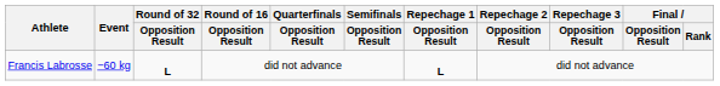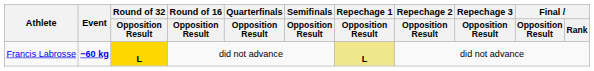 <table class="wikitable" style="font-size:90%">
 <tr>
 <th rowspan="2">Athlete</th>
 <th rowspan="2">Event</th>
 <th>Round of 32</th>
 <th>Round of 16</th>
 <th>Quarterfinals</th>
 <th>Semifinals</th>
 <th>Repechage 1</th>
 <th>Repechage 2</th>
 <th>Repechage 3</th>
 <th colspan=2>Final / </th>
 </tr>
 <tr style="font-size:95%">
 <th>Opposition<br>Result</th>
 <th>Opposition<br>Result</th>
 <th>Opposition<br>Result</th>
 <th>Opposition<br>Result</th>
 <th>Opposition<br>Result</th>
 <th>Opposition<br>Result</th>
 <th>Opposition<br>Result</th>
 <th>Opposition<br>Result</th>
 <th>Rank</th>
 </tr>
 <tr align=center>
 <td align=left><a href='#'>Francis Labrosse</a></td>
-<td align=left><a href='#'>−60 kg</a></td>
-<td><br><strong>L</strong></td>
+<td align=left><strong><a href='#'>−60 kg</a></strong></td>
+<td style="background: gold;"><br><strong>L</strong></td>
 <td colspan=3>did not advance</td>
-<td><br><strong>L</strong></td>
+<td style="background: khaki;"><br><strong>L</strong></td>
 <td colspan=5>did not advance</td>
 </tr>
 </table>
